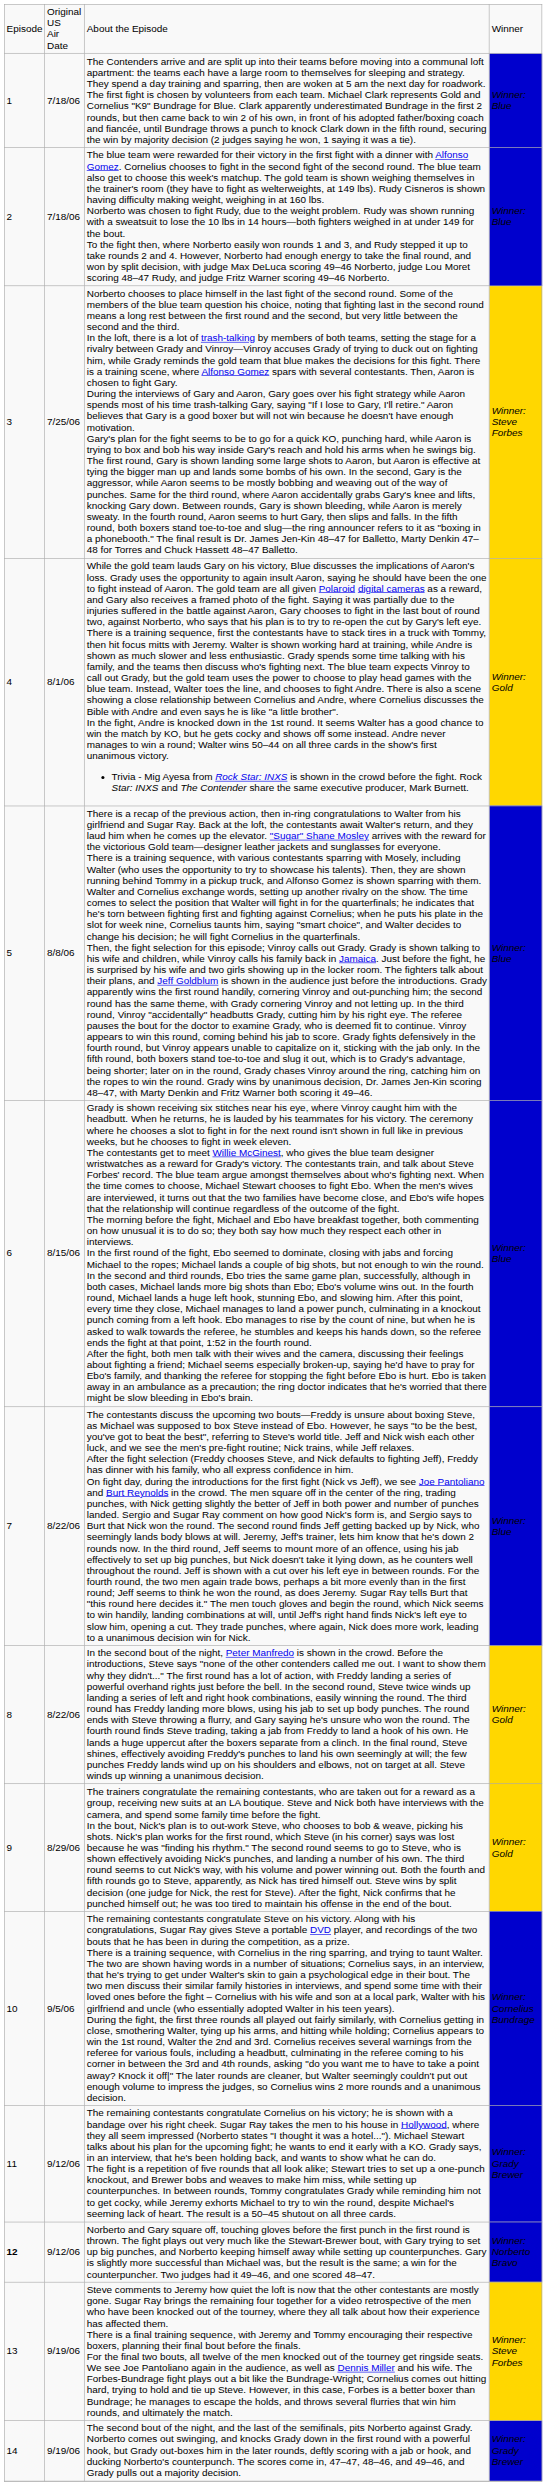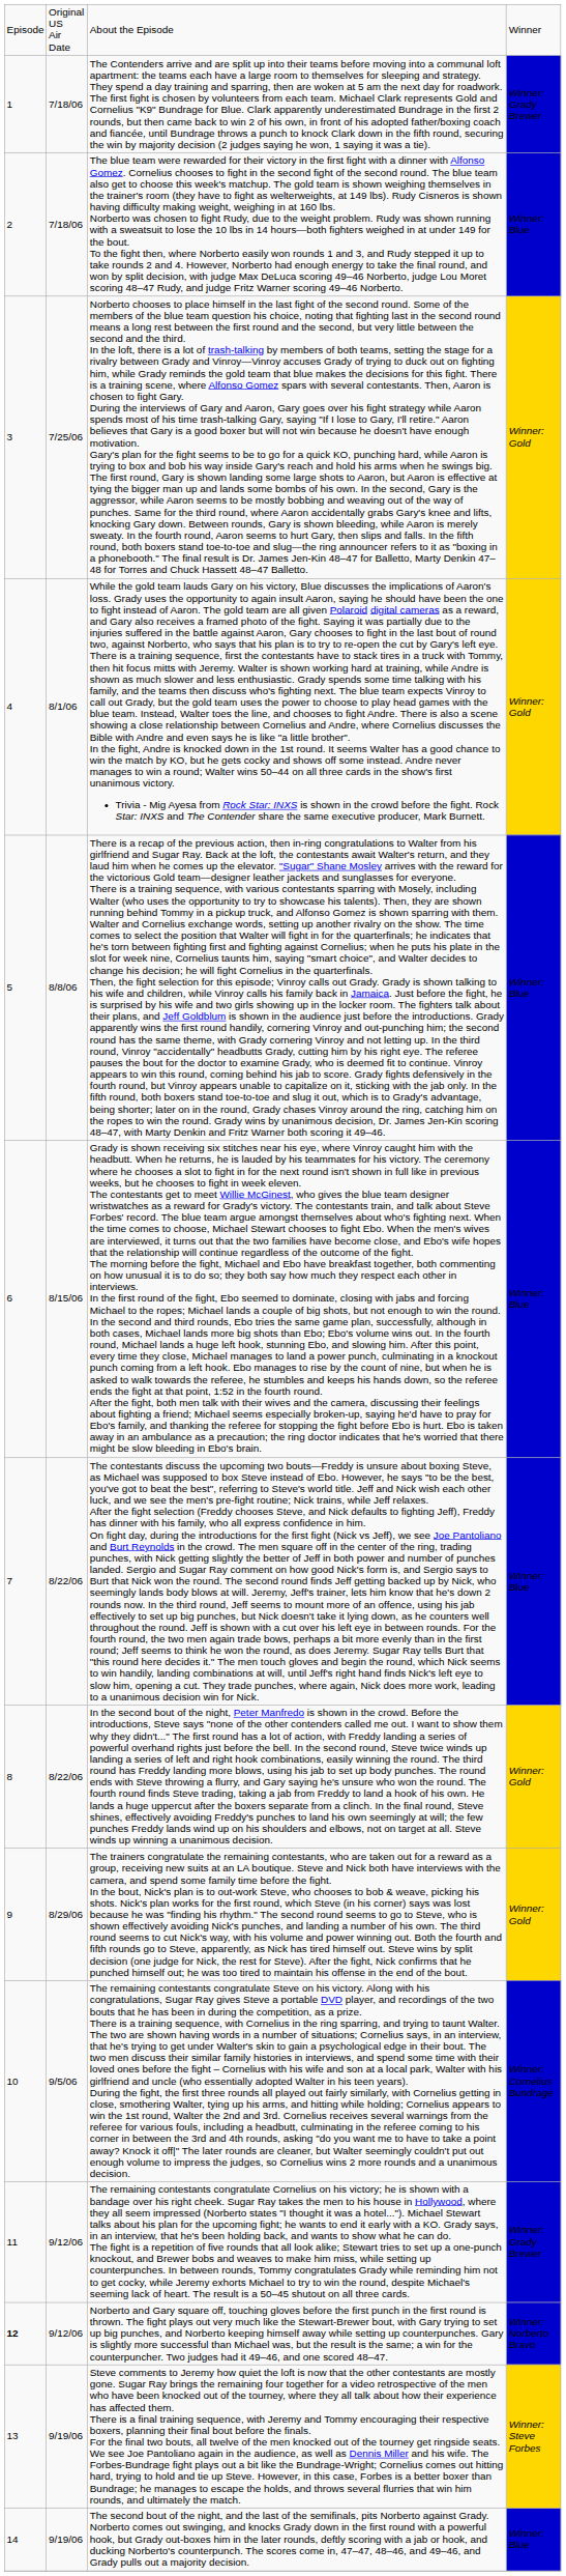 <table class="wikitable">
 <tr The Contender Season 2>
 <td>Episode</td>
 <td>Original US<br>Air Date</td>
 <td>About the Episode</td>
 <td>Winner</td>
 </tr>
 <tr>
 <td>1</td>
 <td>7/18/06</td>
 <td>The Contenders arrive and are split up into their teams before moving into a communal loft apartment: the teams each have a large room to themselves for sleeping and strategy. They spend a day training and sparring, then are woken at 5 am the next day for roadwork.<br>The first fight is chosen by volunteers from each team. Michael Clark represents Gold and Cornelius "K9" Bundrage for Blue. Clark apparently underestimated Bundrage in the first 2 rounds, but then came back to win 2 of his own, in front of his adopted father/boxing coach and fiancée, until Bundrage throws a punch to knock Clark down in the fifth round, securing the win by majority decision (2 judges saying he won, 1 saying it was a tie).</td>
-<td style="background:#0000CD "><span><em>Winner: Blue</em></span></td>
+<td style="background:#0000CD "><span><em>Winner: Grady Brewer</em></span></td>
 </tr>
 <tr>
 <td>2</td>
 <td>7/18/06</td>
 <td>The blue team were rewarded for their victory in the first fight with a dinner with <a href='#'>Alfonso Gomez</a>. Cornelius chooses to fight in the second fight of the second round. The blue team also get to choose this week's matchup. The gold team is shown weighing themselves in the trainer's room (they have to fight as welterweights, at 149 lbs). Rudy Cisneros is shown having difficulty making weight, weighing in at 160 lbs.<br>Norberto was chosen to fight Rudy, due to the weight problem. Rudy was shown running with a sweatsuit to lose the 10 lbs in 14 hours—both fighters weighed in at under 149 for the bout.<br>To the fight then, where Norberto easily won rounds 1 and 3, and Rudy stepped it up to take rounds 2 and 4. However, Norberto had enough energy to take the final round, and won by split decision, with judge Max DeLuca scoring 49–46 Norberto, judge Lou Moret scoring 48–47 Rudy, and judge Fritz Warner scoring 49–46 Norberto.</td>
 <td style="background:#0000CD "><span><em>Winner: Blue</em></span></td>
 </tr>
 <tr>
 <td>3</td>
 <td>7/25/06</td>
 <td>Norberto chooses to place himself in the last fight of the second round. Some of the members of the blue team question his choice, noting that fighting last in the second round means a long rest between the first round and the second, but very little between the second and the third.<br>In the loft, there is a lot of <a href='#'>trash-talking</a> by members of both teams, setting the stage for a rivalry between Grady and Vinroy—Vinroy accuses Grady of trying to duck out on fighting him, while Grady reminds the gold team that blue makes the decisions for this fight. There is a training scene, where <a href='#'>Alfonso Gomez</a> spars with several contestants. Then, Aaron is chosen to fight Gary.<br>During the interviews of Gary and Aaron, Gary goes over his fight strategy while Aaron spends most of his time trash-talking Gary, saying "If I lose to Gary, I'll retire." Aaron believes that Gary is a good boxer but will not win because he doesn't have enough motivation.<br>Gary's plan for the fight seems to be to go for a quick KO, punching hard, while Aaron is trying to box and bob his way inside Gary's reach and hold his arms when he swings big.  The first round, Gary is shown landing some large shots to Aaron, but Aaron is effective at tying the bigger man up and lands some bombs of his own.  In the second, Gary is the aggressor, while Aaron seems to be mostly bobbing and weaving out of the way of punches.  Same for the third round, where Aaron accidentally grabs Gary's knee and lifts, knocking Gary down.  Between rounds, Gary is shown bleeding, while Aaron is merely sweaty.  In the fourth round, Aaron seems to hurt Gary, then slips and falls.  In the fifth round, both boxers stand toe-to-toe and slug—the ring announcer refers to it as "boxing in a phonebooth."  The final result is Dr. James Jen-Kin 48–47 for Balletto, Marty Denkin 47–48 for Torres and Chuck Hassett 48–47 Balletto.</td>
-<td style="background:#FFD700 "><em>Winner: Steve Forbes</em></td>
+<td style="background:#FFD700 "><em>Winner: Gold</em></td>
 </tr>
 <tr>
 <td>4</td>
 <td>8/1/06</td>
 <td>While the gold team lauds Gary on his victory, Blue discusses the implications of Aaron's loss. Grady uses the opportunity to again insult Aaron, saying he should have been the one to fight instead of Aaron. The gold team are all given <a href='#'>Polaroid</a> <a href='#'>digital cameras</a> as a reward, and Gary also receives a framed photo of the fight. Saying it was partially due to the injuries suffered in the battle against Aaron, Gary chooses to fight in the last bout of round two, against Norberto, who says that his plan is to try to re-open the cut by Gary's left eye.<br>There is a training sequence, first the contestants have to stack tires in a truck with Tommy, then hit focus mitts with Jeremy. Walter is shown working hard at training, while Andre is shown as much slower and less enthusiastic. Grady spends some time talking with his family, and the teams then discuss who's fighting next. The blue team expects Vinroy to call out Grady, but the gold team uses the power to choose to play head games with the blue team. Instead, Walter toes the line, and chooses to fight Andre. There is also a scene showing a close relationship between Cornelius and Andre, where Cornelius discusses the Bible with Andre and even says he is like "a little brother".<br>In the fight, Andre is knocked down in the 1st round. It seems Walter has a good chance to win the match by KO, but he gets cocky and shows off some instead. Andre never manages to win a round; Walter wins 50–44 on all three cards in the show's first unanimous victory.<ul><li>Trivia - Mig Ayesa from <em><a href='#'>Rock Star: INXS</a></em> is shown in the crowd before the fight. Rock <em>Star: INXS</em> and <em>The Contender</em> share the same executive producer, Mark Burnett.</li></ul></td>
 <td style="background:#FFD700 "><em>Winner: Gold</em></td>
 </tr>
 <tr>
 <td>5</td>
 <td>8/8/06</td>
 <td>There is a recap of the previous action, then in-ring congratulations to Walter from his girlfriend and Sugar Ray. Back at the loft, the contestants await Walter's return, and they laud him when he comes up the elevator. <a href='#'>"Sugar" Shane Mosley</a> arrives with the reward for the victorious Gold team—designer leather jackets and sunglasses for everyone.<br>There is a training sequence, with various contestants sparring with Mosely, including Walter (who uses the opportunity to try to showcase his talents). Then, they are shown running behind Tommy in a pickup truck, and Alfonso Gomez is shown sparring with them. Walter and Cornelius exchange words, setting up another rivalry on the show. The time comes to select the position that Walter will fight in for the quarterfinals; he indicates that he's torn between fighting first and fighting against Cornelius; when he puts his plate in the slot for week nine, Cornelius taunts him, saying "smart choice", and Walter decides to change his decision; he will fight Cornelius in the quarterfinals.<br>Then, the fight selection for this episode; Vinroy calls out Grady. Grady is shown talking to his wife and children, while Vinroy calls his family back in <a href='#'>Jamaica</a>. Just before the fight, he is surprised by his wife and two girls showing up in the locker room. The fighters talk about their plans, and <a href='#'>Jeff Goldblum</a> is shown in the audience just before the introductions. Grady apparently wins the first round handily, cornering Vinroy and out-punching him; the second round has the same theme, with Grady cornering Vinroy and not letting up. In the third round, Vinroy "accidentally" headbutts Grady, cutting him by his right eye. The referee pauses the bout for the doctor to examine Grady, who is deemed fit to continue. Vinroy appears to win this round, coming behind his jab to score. Grady fights defensively in the fourth round, but Vinroy appears unable to capitalize on it, sticking with the jab only. In the fifth round, both boxers stand toe-to-toe and slug it out, which is to Grady's advantage, being shorter; later on in the round, Grady chases Vinroy around the ring, catching him on the ropes to win the round. Grady wins by unanimous decision, Dr. James Jen-Kin scoring 48–47, with Marty Denkin and Fritz Warner both scoring it 49–46.</td>
 <td style="background:#0000CD "><span><em>Winner: Blue</em></span></td>
 </tr>
 <tr>
 <td>6</td>
 <td>8/15/06</td>
 <td>Grady is shown receiving six stitches near his eye, where Vinroy caught him with the headbutt. When he returns, he is lauded by his teammates for his victory. The ceremony where he chooses a slot to fight in for the next round isn't shown in full like in previous weeks, but he chooses to fight in week eleven.<br>The contestants get to meet <a href='#'>Willie McGinest</a>, who gives the blue team designer wristwatches as a reward for Grady's victory. The contestants train, and talk about Steve Forbes' record. The blue team argue amongst themselves about who's fighting next. When the time comes to choose, Michael Stewart chooses to fight Ebo. When the men's wives are interviewed, it turns out that the two families have become close, and Ebo's wife hopes that the relationship will continue regardless of the outcome of the fight.<br>The morning before the fight, Michael and Ebo have breakfast together, both commenting on how unusual it is to do so; they both say how much they respect each other in interviews.<br>In the first round of the fight, Ebo seemed to dominate, closing with jabs and forcing Michael to the ropes; Michael lands a couple of big shots, but not enough to win the round. In the second and third rounds, Ebo tries the same game plan, successfully, although in both cases, Michael lands more big shots than Ebo; Ebo's volume wins out. In the fourth round, Michael lands a huge left hook, stunning Ebo, and slowing him. After this point, every time they close, Michael manages to land a power punch, culminating in a knockout punch coming from a left hook. Ebo manages to rise by the count of nine, but when he is asked to walk towards the referee, he stumbles and keeps his hands down, so the referee ends the fight at that point, 1:52 in the fourth round.<br>After the fight, both men talk with their wives and the camera, discussing their feelings about fighting a friend; Michael seems especially broken-up, saying he'd have to pray for Ebo's family, and thanking the referee for stopping the fight before Ebo is hurt. Ebo is taken away in an ambulance as a precaution; the ring doctor indicates that he's worried that there might be slow bleeding in Ebo's brain.</td>
 <td style="background:#0000CD "><span><em>Winner: Blue</em></span></td>
 </tr>
 <tr>
 <td>7</td>
 <td>8/22/06</td>
 <td>The contestants discuss the upcoming two bouts—Freddy is unsure about boxing Steve, as Michael was supposed to box Steve instead of Ebo. However, he says "to be the best, you've got to beat the best", referring to Steve's world title. Jeff and Nick wish each other luck, and we see the men's pre-fight routine; Nick trains, while Jeff relaxes.<br>After the fight selection (Freddy chooses Steve, and Nick defaults to fighting Jeff), Freddy has dinner with his family, who all express confidence in him.<br>On fight day, during the introductions for the first fight (Nick vs Jeff), we see <a href='#'>Joe Pantoliano</a> and <a href='#'>Burt Reynolds</a> in the crowd. The men square off in the center of the ring, trading punches, with Nick getting slightly the better of Jeff in both power and number of punches landed. Sergio and Sugar Ray comment on how good Nick's form is, and Sergio says to Burt that Nick won the round.  The second round finds Jeff getting backed up by Nick, who seemingly lands body blows at will.  Jeremy, Jeff's trainer, lets him know that he's down 2 rounds now.  In the third round, Jeff seems to mount more of an offence, using his jab effectively to set up big punches, but Nick doesn't take it lying down, as he counters well throughout the round.  Jeff is shown with a cut over his left eye in between rounds.  For the fourth round, the two men again trade bows, perhaps a bit more evenly than in the first round; Jeff seems to think he won the round, as does Jeremy.  Sugar Ray tells Burt that "this round here decides it."  The men touch gloves and begin the round, which Nick seems to win handily, landing combinations at will, until Jeff's right hand finds Nick's left eye to slow him, opening a cut.  They trade punches, where again, Nick does more work, leading to a unanimous decision win for Nick.</td>
 <td style="background:#0000CD "><span><em>Winner: Blue</em></span></td>
 </tr>
 <tr>
 <td>8</td>
 <td>8/22/06</td>
 <td>In the second bout of the night, <a href='#'>Peter Manfredo</a> is shown in the crowd.  Before the introductions, Steve says "none of the other contenders called me out.  I want to show them why they didn't..."  The first round has a lot of action, with Freddy landing a series of powerful overhand rights just before the bell.  In the second round, Steve twice winds up landing a series of left and right hook combinations, easily winning the round.  The third round has Freddy landing more blows, using his jab to set up body punches.  The round ends with Steve throwing a flurry, and Gary saying he's unsure who won the round.  The fourth round finds Steve trading, taking a jab from Freddy to land a hook of his own.  He lands a huge uppercut after the boxers separate from a clinch.  In the final round, Steve shines, effectively avoiding Freddy's punches to land his own seemingly at will; the few punches Freddy lands wind up on his shoulders and elbows, not on target at all.  Steve winds up winning a unanimous decision.</td>
 <td style="background:#FFD700 "><em>Winner: Gold</em></td>
 </tr>
 <tr>
 <td>9</td>
 <td>8/29/06</td>
 <td>The trainers congratulate the remaining contestants, who are taken out for a reward as a group, receiving new suits at an LA boutique. Steve and Nick both have interviews with the camera, and spend some family time before the fight.<br>In the bout, Nick's plan is to out-work Steve, who chooses to bob & weave, picking his shots.  Nick's plan works for the first round, which Steve (in his corner) says was lost because he was "finding his rhythm."  The second round seems to go to Steve, who is shown effectively avoiding Nick's punches, and landing a number of his own.  The third round seems to cut Nick's way, with his volume and power winning out.  Both the fourth and fifth rounds go to Steve, apparently, as Nick has tired himself out.  Steve wins by split decision (one judge for Nick, the rest for Steve).  After the fight, Nick confirms that he punched himself out; he was too tired to maintain his offense in the end of the bout.</td>
 <td style="background:#FFD700 "><em>Winner: Gold</em></td>
 </tr>
 <tr>
 <td>10</td>
 <td>9/5/06</td>
 <td>The remaining contestants congratulate Steve on his victory. Along with his congratulations, Sugar Ray gives Steve a portable <a href='#'>DVD</a> player, and recordings of the two bouts that he has been in during the competition, as a prize.<br>There is a training sequence, with Cornelius in the ring sparring, and trying to taunt Walter. The two are shown having words in a number of situations; Cornelius says, in an interview, that he's trying to get under Walter's skin to gain a psychological edge in their bout. The two men discuss their similar family histories in interviews, and spend some time with their loved ones before the fight – Cornelius with his wife and son at a local park, Walter with his girlfriend and uncle (who essentially adopted Walter in his teen years).<br>During the fight, the first three rounds all played out fairly similarly, with Cornelius getting in close, smothering Walter, tying up his arms, and hitting while holding; Cornelius appears to win the 1st round, Walter the 2nd and 3rd. Cornelius receives several warnings from the referee for various fouls, including a headbutt, culminating in the referee coming to his corner in between the 3rd and 4th rounds, asking "do you want me to have to take a point away? Knock it off|" The later rounds are cleaner, but Walter seemingly couldn't put out enough volume to impress the judges, so Cornelius wins 2 more rounds and a unanimous decision.</td>
 <td style="background:#0000CD "><span><em>Winner: Cornelius Bundrage</em></span></td>
 </tr>
 <tr>
 <td>11</td>
 <td>9/12/06</td>
 <td>The remaining contestants congratulate Cornelius on his victory; he is shown with a bandage over his right cheek. Sugar Ray takes the men to his house in <a href='#'>Hollywood</a>, where they all seem impressed (Norberto states "I thought it was a hotel..."). Michael Stewart talks about his plan for the upcoming fight; he wants to end it early with a KO. Grady says, in an interview, that he's been holding back, and wants to show what he can do.<br>The fight is a repetition of five rounds that all look alike; Stewart tries to set up a one-punch knockout, and Brewer bobs and weaves to make him miss, while setting up counterpunches. In between rounds, Tommy congratulates Grady while reminding him not to get cocky, while Jeremy exhorts Michael to try to win the round, despite Michael's seeming lack of heart. The result is a 50–45 shutout on all three cards.</td>
 <td style="background:#0000CD "><span><em>Winner: Grady Brewer</em></span></td>
 </tr>
 <tr>
 <td><strong>12</strong></td>
 <td>9/12/06</td>
 <td>Norberto and Gary square off, touching gloves before the first punch in the first round is thrown. The fight plays out very much like the Stewart-Brewer bout, with Gary trying to set up big punches, and Norberto keeping himself away while setting up counterpunches. Gary is slightly more successful than Michael was, but the result is the same; a win for the counterpuncher. Two judges had it 49–46, and one scored 48–47.</td>
 <td style="background:#0000CD "><span><em>Winner: Norberto Bravo</em></span></td>
 </tr>
 <tr>
 <td>13</td>
 <td>9/19/06</td>
 <td>Steve comments to Jeremy how quiet the loft is now that the other contestants are mostly gone. Sugar Ray brings the remaining four together for a video retrospective of the men who have been knocked out of the tourney, where they all talk about how their experience has affected them.<br>There is a final training sequence, with Jeremy and Tommy encouraging their respective boxers, planning their final bout before the finals.<br>For the final two bouts, all twelve of the men knocked out of the tourney get ringside seats. We see Joe Pantoliano again in the audience, as well as <a href='#'>Dennis Miller</a> and his wife. The Forbes-Bundrage fight plays out a bit like the Bundrage-Wright; Cornelius comes out hitting hard, trying to hold and tie up Steve. However, in this case, Forbes is a better boxer than Bundrage; he manages to escape the holds, and throws several flurries that win him rounds, and ultimately the match.</td>
 <td style="background:#FFD700 "><em>Winner: Steve Forbes</em></td>
 </tr>
 <tr>
 <td>14</td>
 <td>9/19/06</td>
 <td>The second bout of the night, and the last of the semifinals, pits Norberto against Grady. Norberto comes out swinging, and knocks Grady down in the first round with a powerful hook, but Grady out-boxes him in the later rounds, deftly scoring with a jab or hook, and ducking Norberto's counterpunch. The scores come in, 47–47, 48–46, and 49–46, and Grady pulls out a majority decision.</td>
-<td style="background:#0000CD "><span><em>Winner: Grady Brewer</em></span></td>
+<td style="background:#0000CD "><span><em>Winner: Blue</em></span></td>
 </tr>
 <tr>
 </tr>
 </table>
